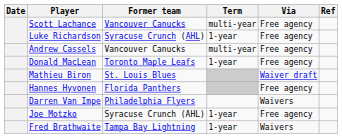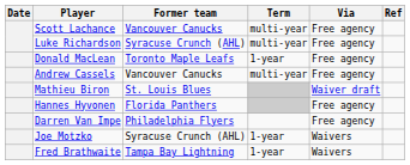 <table class="wikitable plainrowheaders">
 <tr style="background:#ddd; text-align:center;">
 <th>Date</th>
 <th>Player</th>
 <th>Former team</th>
 <th>Term</th>
 <th>Via</th>
 <th>Ref</th>
 </tr>
 <tr>
 <th scope="row" rowspan=2></th>
 <td><a href='#'>Scott Lachance</a></td>
 <td><a href='#'>Vancouver Canucks</a></td>
 <td>multi-year</td>
 <td>Free agency</td>
 <td></td>
 </tr>
 <tr>
 <td><a href='#'>Luke Richardson</a></td>
 <td><a href='#'>Syracuse Crunch</a> (<a href='#'>AHL</a>)</td>
+<td>multi-year</td>
+<td>Free agency</td>
+<td></td>
+</tr>
+<tr>
+<th scope="row"></th>
+<td><a href='#'>Donald MacLean</a></td>
+<td><a href='#'>Toronto Maple Leafs</a></td>
 <td>1-year</td>
 <td>Free agency</td>
 <td></td>
 </tr>
 <tr>
 <th scope="row"></th>
 <td><a href='#'>Andrew Cassels</a></td>
 <td>Vancouver Canucks</td>
 <td>multi-year</td>
-<td>Free agency</td>
-<td></td>
-</tr>
-<tr>
-<th scope="row"></th>
-<td><a href='#'>Donald MacLean</a></td>
-<td><a href='#'>Toronto Maple Leafs</a></td>
-<td>1-year</td>
 <td>Free agency</td>
 <td></td>
 </tr>
 <tr>
 <th scope="row"></th>
 <td><a href='#'>Mathieu Biron</a></td>
 <td><a href='#'>St. Louis Blues</a></td>
 <td style="background:#ccc"></td>
 <td><a href='#'>Waiver draft</a></td>
 <td></td>
 </tr>
 <tr>
 <th scope="row"></th>
 <td><a href='#'>Hannes Hyvonen</a></td>
 <td><a href='#'>Florida Panthers</a></td>
 <td style="background:#ccc"></td>
 <td>Free agency</td>
 <td></td>
 </tr>
 <tr>
 <th scope="row"></th>
 <td><a href='#'>Darren Van Impe</a></td>
 <td><a href='#'>Philadelphia Flyers</a></td>
 <td></td>
-<td>Waivers</td>
+<td>Free agency</td>
 <td></td>
 </tr>
 <tr>
 <th scope="row"></th>
 <td><a href='#'>Joe Motzko</a></td>
 <td>Syracuse Crunch (AHL)</td>
 <td>1-year</td>
-<td>Free agency</td>
+<td>Waivers</td>
 <td></td>
 </tr>
 <tr>
 <th scope="row"></th>
 <td><a href='#'>Fred Brathwaite</a></td>
 <td><a href='#'>Tampa Bay Lightning</a></td>
 <td>1-year</td>
 <td>Waivers</td>
 <td></td>
 </tr>
 </table>
